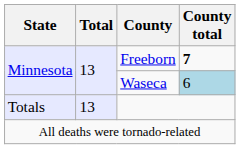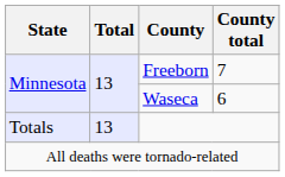 <table class="wikitable" style="margin:0 0 0.5em 1em;float:right;">
 <tr>
 <th>State</th>
 <th>Total</th>
 <th>County</th>
 <th>County<br>total</th>
 </tr>
 <tr>
 <td rowspan=2 bgcolor="#e6e9ff"><a href='#'>Minnesota</a></td>
 <td rowspan=2 bgcolor="#e6e9ff">13</td>
 <td><a href='#'>Freeborn</a></td>
-<td><strong>7</strong></td>
+<td>7</td>
 </tr>
 <tr>
 <td><a href='#'>Waseca</a></td>
-<td style="background: lightblue;">6</td>
+<td>6</td>
 </tr>
 <tr>
 <td bgcolor="#e6e9ff">Totals</td>
 <td bgcolor="#e6e9ff">13</td>
 <td colspan=2></td>
 </tr>
 <tr>
 <td colspan=4 align=center><small>All deaths were tornado-related</small></td>
 </tr>
 </table>
